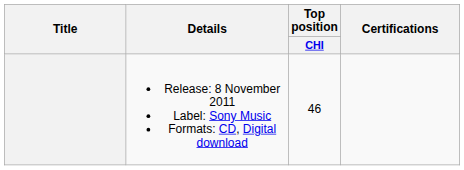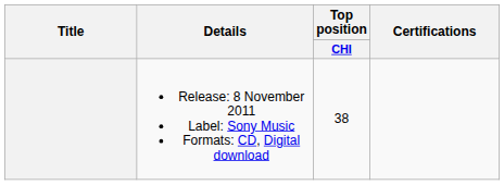 <table class="wikitable plainrowheaders" style="text-align:center;" border="1">
 <tr>
 <th scope="col" rowspan="2" style="width:16em;">Title</th>
 <th scope="col" rowspan="2" style="width:18em;">Details</th>
 <th scope="col" colspan="1">Top position</th>
 <th scope="col" rowspan="2" style="width:12em;">Certifications</th>
 </tr>
 <tr>
 <th scope="col" style="width:3em;font-size:90%;"><a href='#'>CHI</a></th>
 </tr>
 <tr>
 <th align="center"><em></em></th>
 <td><br><ul><li>Release: 8 November 2011</li><li>Label: <a href='#'>Sony Music</a></li><li>Formats: <a href='#'>CD</a>, <a href='#'>Digital download</a></li></ul></td>
-<td>46</td>
+<td>38</td>
 </tr>
 </table>
